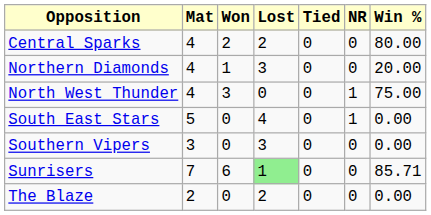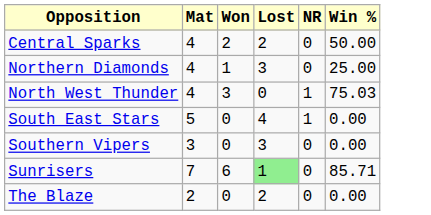 <table class="wikitable sortable">
 <tr>
 <th style="background:#ffc;">Opposition</th>
 <th style="background:#ffc;">Mat</th>
 <th style="background:#ffc;">Won</th>
 <th style="background:#ffc;">Lost</th>
-<th style="background:#ffc;">Tied</th>
 <th style="background:#ffc;">NR</th>
 <th style="background:#ffc;">Win %</th>
 </tr>
 <tr>
 <td><a href='#'>Central Sparks</a></td>
 <td>4</td>
 <td>2</td>
 <td>2</td>
 <td>0</td>
-<td>0</td>
-<td>80.00</td>
+<td>50.00</td>
 </tr>
 <tr>
 <td><a href='#'>Northern Diamonds</a></td>
 <td>4</td>
 <td>1</td>
 <td>3</td>
 <td>0</td>
-<td>0</td>
-<td>20.00</td>
+<td>25.00</td>
 </tr>
 <tr>
 <td><a href='#'>North West Thunder</a></td>
 <td>4</td>
 <td>3</td>
 <td>0</td>
-<td>0</td>
 <td>1</td>
-<td>75.00</td>
+<td>75.03</td>
 </tr>
 <tr>
 <td><a href='#'>South East Stars</a></td>
 <td>5</td>
 <td>0</td>
 <td>4</td>
-<td>0</td>
 <td>1</td>
 <td>0.00</td>
 </tr>
 <tr>
 <td><a href='#'>Southern Vipers</a></td>
 <td>3</td>
 <td>0</td>
 <td>3</td>
 <td>0</td>
-<td>0</td>
 <td>0.00</td>
 </tr>
 <tr>
 <td><a href='#'>Sunrisers</a></td>
 <td>7</td>
 <td>6</td>
 <td style="background: lightgreen;">1</td>
-<td>0</td>
 <td>0</td>
 <td>85.71</td>
 </tr>
 <tr>
 <td><a href='#'>The Blaze</a></td>
 <td>2</td>
 <td>0</td>
 <td>2</td>
 <td>0</td>
-<td>0</td>
 <td>0.00</td>
 </tr>
 </table>
